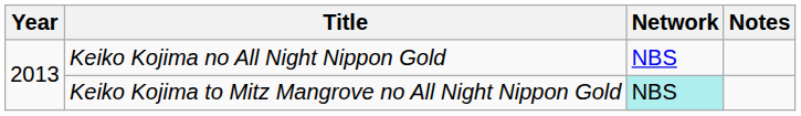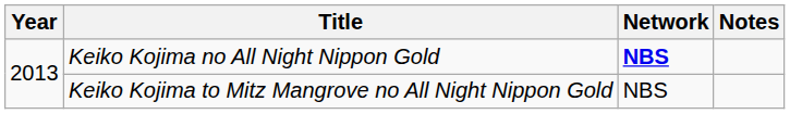 <table class="wikitable">
 <tr>
 <th>Year</th>
 <th>Title</th>
 <th>Network</th>
 <th>Notes</th>
 </tr>
 <tr>
 <td rowspan="2">2013</td>
 <td><em>Keiko Kojima no All Night Nippon Gold</em></td>
-<td><a href='#'>NBS</a></td>
+<td><strong><a href='#'>NBS</a></strong></td>
 <td></td>
 </tr>
 <tr>
 <td><em>Keiko Kojima to Mitz Mangrove no All Night Nippon Gold</em></td>
-<td style="background: paleturquoise;">NBS</td>
+<td>NBS</td>
 <td></td>
 </tr>
 </table>
